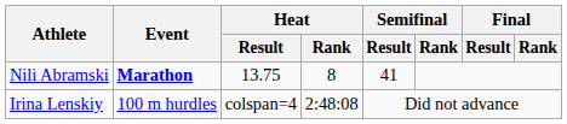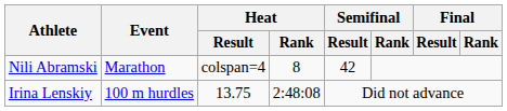 <table class=wikitable style="font-size:90%">
 <tr>
 <th rowspan="2">Athlete</th>
 <th rowspan="2">Event</th>
 <th colspan="2">Heat</th>
 <th colspan="2">Semifinal</th>
 <th colspan="2">Final</th>
 </tr>
 <tr style="font-size:95%">
 <th>Result</th>
 <th>Rank</th>
 <th>Result</th>
 <th>Rank</th>
 <th>Result</th>
 <th>Rank</th>
 </tr>
 <tr align=center>
 <td align=left><a href='#'>Nili Abramski</a></td>
-<td align=left><strong><a href='#'>Marathon</a></strong></td>
-<td>13.75</td>
+<td align=left><a href='#'>Marathon</a></td>
+<td>colspan=4 </td>
 <td>8</td>
-<td>41</td>
+<td>42</td>
 </tr>
 <tr align=center>
 <td align=left><a href='#'>Irina Lenskiy</a></td>
 <td align=left><a href='#'>100 m hurdles</a></td>
-<td>colspan=4 </td>
+<td>13.75</td>
 <td>2:48:08</td>
 <td colspan=4>Did not advance</td>
 </tr>
 </table>
